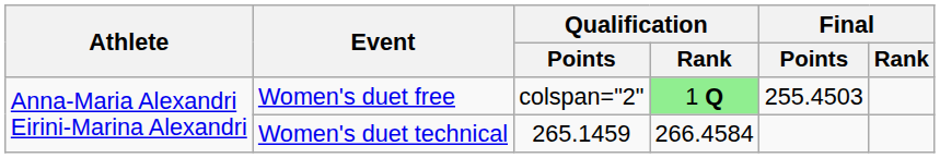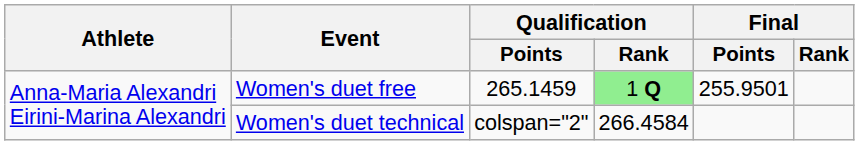 <table class="wikitable" style="text-align:center; font-size:90%">
 <tr>
 <th rowspan="2">Athlete</th>
 <th rowspan="2">Event</th>
 <th colspan="2">Qualification</th>
 <th colspan="2">Final</th>
 </tr>
 <tr style="font-size:95%">
 <th>Points</th>
 <th>Rank</th>
 <th>Points</th>
 <th>Rank</th>
 </tr>
 <tr>
 <td align="left" rowspan="2"><a href='#'>Anna-Maria Alexandri</a><br><a href='#'>Eirini-Marina Alexandri</a></td>
 <td align="left"><a href='#'>Women's duet free</a></td>
-<td>colspan="2" </td>
+<td>265.1459</td>
 <td style="background: lightgreen;">1 <strong>Q</strong></td>
-<td>255.4503</td>
+<td>255.9501</td>
 <td></td>
 </tr>
 <tr>
 <td align="left"><a href='#'>Women's duet technical</a></td>
-<td>265.1459</td>
+<td>colspan="2" </td>
 <td>266.4584</td>
 <td></td>
 </tr>
 </table>
